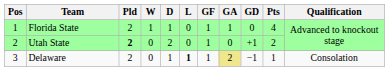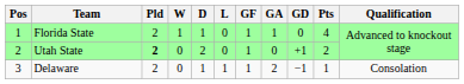 <table class="wikitable" style="text-align:center; margin: 1em auto">
 <tr>
 <th style="width:2em">Pos</th>
 <th style="width:13em">Team</th>
 <th style="width:2em">Pld</th>
 <th style="width:2em">W</th>
 <th style="width:2em">D</th>
 <th style="width:2em">L</th>
 <th style="width:2em">GF</th>
 <th style="width:2em">GA</th>
 <th style="width:2em">GD</th>
 <th style="width:2em">Pts</th>
 <th style="width:13em">Qualification</th>
 </tr>
 <tr bgcolor="#9eff9e">
 <td>1</td>
 <td style="text-align:left">Florida State</td>
 <td>2</td>
 <td>1</td>
 <td>1</td>
 <td>0</td>
 <td>1</td>
 <td>1</td>
 <td>0</td>
 <td>4</td>
 <td rowspan="2">Advanced to knockout stage</td>
 </tr>
 <tr bgcolor="#9eff9e">
 <td>2</td>
 <td style="text-align:left">Utah State</td>
 <td><strong>2</strong></td>
 <td>0</td>
 <td>2</td>
 <td>0</td>
 <td>1</td>
 <td>0</td>
 <td>+1</td>
 <td>2</td>
 </tr>
 <tr>
 <td>3</td>
 <td style="text-align:left">Delaware</td>
 <td>2</td>
 <td>0</td>
 <td>1</td>
-<td><strong>1</strong></td>
 <td>1</td>
-<td style="background: khaki;">2</td>
+<td>1</td>
+<td>2</td>
 <td>−1</td>
 <td>1</td>
 <td>Consolation</td>
 </tr>
 </table>
